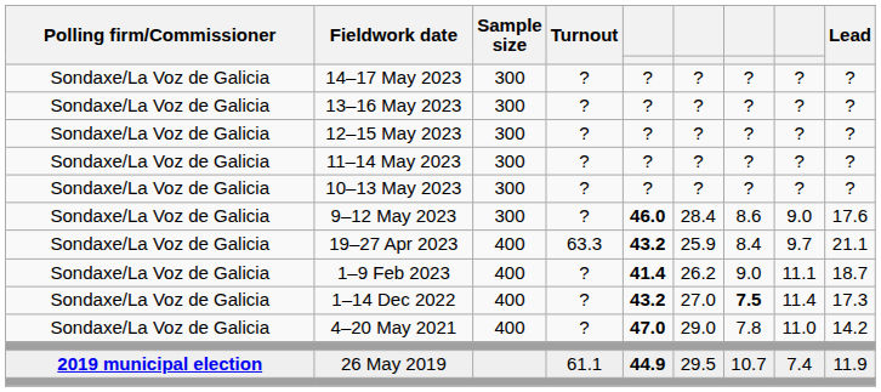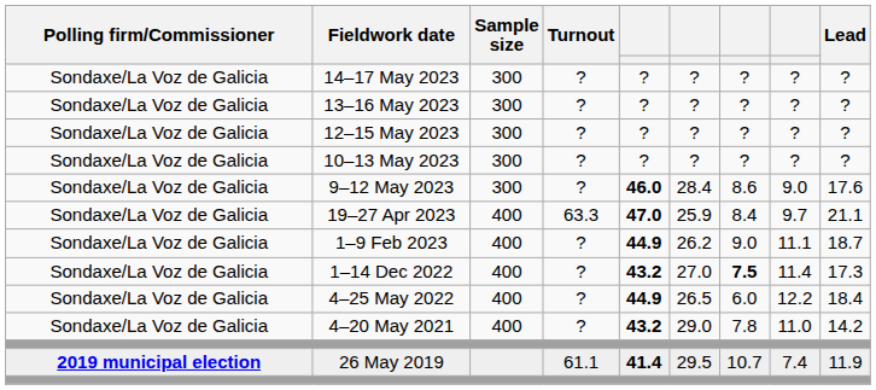 <table class="wikitable collapsible collapsed" style="text-align:center; font-size:95%; line-height:16px;">
 <tr style="height:42px;">
 <th style="width:250px;" rowspan="2">Polling firm/Commissioner</th>
 <th style="width:125px;" rowspan="2">Fieldwork date</th>
 <th style="width:50px;" rowspan="2">Sample size</th>
 <th style="width:45px;" rowspan="2">Turnout</th>
 <th style="width:35px;"></th>
 <th style="width:35px;"></th>
 <th style="width:35px;"></th>
 <th style="width:35px;"></th>
 <th style="width:30px;" rowspan="2">Lead</th>
 </tr>
 <tr>
 <th style="color:inherit;background:"></th>
 <th style="color:inherit;background:"></th>
 <th style="color:inherit;background:"></th>
 <th style="color:inherit;background:"></th>
 </tr>
 <tr>
 <td>Sondaxe/La Voz de Galicia</td>
 <td>14–17 May 2023</td>
 <td>300</td>
 <td>?</td>
 <td>?<br></td>
 <td>?<br></td>
 <td>?<br></td>
 <td>?<br></td>
 <td style="background:">?</td>
 </tr>
 <tr>
 <td>Sondaxe/La Voz de Galicia</td>
 <td>13–16 May 2023</td>
 <td>300</td>
 <td>?</td>
 <td>?<br></td>
 <td>?<br></td>
 <td>?<br></td>
 <td>?<br></td>
 <td style="background:">?</td>
 </tr>
 <tr>
 <td>Sondaxe/La Voz de Galicia</td>
 <td>12–15 May 2023</td>
 <td>300</td>
 <td>?</td>
 <td>?<br></td>
 <td>?<br></td>
 <td>?<br></td>
 <td>?<br></td>
 <td style="background:">?</td>
 </tr>
 <tr>
 <td>Sondaxe/La Voz de Galicia</td>
-<td>11–14 May 2023</td>
-<td>300</td>
-<td>?</td>
-<td>?<br></td>
-<td>?<br></td>
-<td>?<br></td>
-<td>?<br></td>
-<td style="background:">?</td>
-</tr>
-<tr>
-<td>Sondaxe/La Voz de Galicia</td>
 <td>10–13 May 2023</td>
 <td>300</td>
 <td>?</td>
 <td>?<br></td>
 <td>?<br></td>
 <td>?<br></td>
 <td>?<br></td>
 <td style="background:">?</td>
 </tr>
 <tr>
 <td>Sondaxe/La Voz de Galicia</td>
 <td>9–12 May 2023</td>
 <td>300</td>
 <td>?</td>
 <td><strong>46.0</strong><br></td>
 <td>28.4<br></td>
 <td>8.6<br></td>
 <td>9.0<br></td>
 <td style="background:">17.6</td>
 </tr>
 <tr>
 <td>Sondaxe/La Voz de Galicia</td>
 <td>19–27 Apr 2023</td>
 <td>400</td>
 <td>63.3</td>
-<td><strong>43.2</strong><br></td>
+<td><strong>47.0</strong><br></td>
 <td>25.9<br></td>
 <td>8.4<br></td>
 <td>9.7<br></td>
 <td style="background:">21.1</td>
 </tr>
 <tr>
 <td>Sondaxe/La Voz de Galicia</td>
 <td>1–9 Feb 2023</td>
 <td>400</td>
 <td>?</td>
-<td><strong>41.4</strong><br></td>
+<td><strong>44.9</strong><br></td>
 <td>26.2<br></td>
 <td>9.0<br></td>
 <td>11.1<br></td>
 <td style="background:">18.7</td>
 </tr>
 <tr>
 <td>Sondaxe/La Voz de Galicia</td>
 <td>1–14 Dec 2022</td>
 <td>400</td>
 <td>?</td>
 <td><strong>43.2</strong><br></td>
 <td>27.0<br></td>
 <td><strong>7.5<br></strong></td>
 <td>11.4<br></td>
 <td style="background:">17.3</td>
 </tr>
 <tr>
 <td>Sondaxe/La Voz de Galicia</td>
+<td>4–25 May 2022</td>
+<td>400</td>
+<td>?</td>
+<td><strong>44.9</strong><br></td>
+<td>26.5<br></td>
+<td>6.0<br></td>
+<td>12.2<br></td>
+<td style="background:">18.4</td>
+</tr>
+<tr>
+<td>Sondaxe/La Voz de Galicia</td>
 <td>4–20 May 2021</td>
 <td>400</td>
 <td>?</td>
-<td><strong>47.0</strong><br></td>
+<td><strong>43.2</strong><br></td>
 <td>29.0<br></td>
 <td>7.8<br></td>
 <td>11.0<br></td>
 <td style="background:">14.2</td>
 </tr>
 <tr>
 <td colspan="9" style="background:#A0A0A0"></td>
 </tr>
 <tr style="background:#EFEFEF;">
 <td><strong><a href='#'>2019 municipal election</a></strong></td>
 <td>26 May 2019</td>
 <td></td>
 <td>61.1</td>
-<td><strong>44.9</strong><br></td>
+<td><strong>41.4</strong><br></td>
 <td>29.5<br></td>
 <td>10.7<br></td>
 <td>7.4<br></td>
 <td style="background:">11.9</td>
 </tr>
 <tr>
 <td colspan="9" style="background:#A0A0A0"></td>
 </tr>
 </table>
